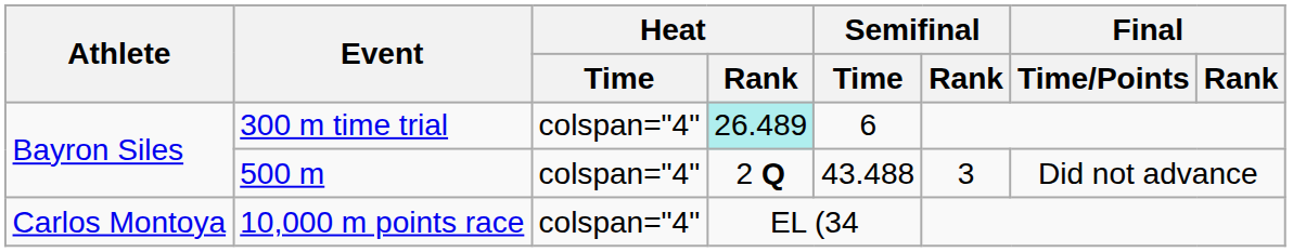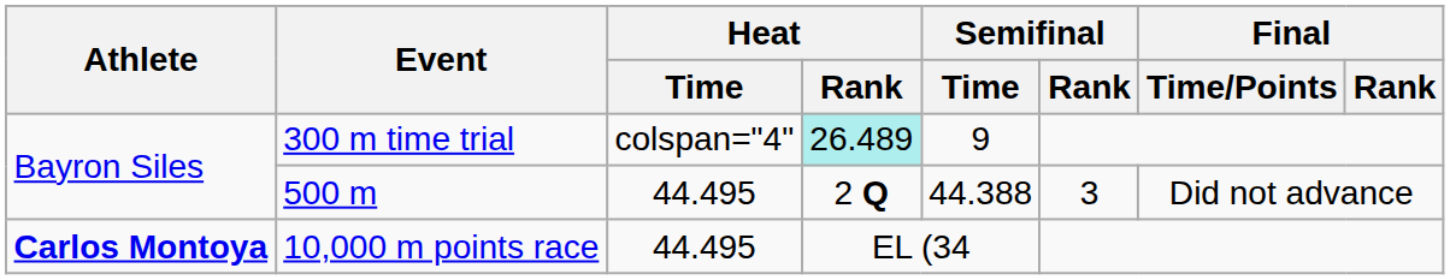 <table class="wikitable" border="1" style="font-size:90%">
 <tr>
 <th rowspan=2>Athlete</th>
 <th rowspan=2>Event</th>
 <th colspan=2>Heat</th>
 <th colspan=2>Semifinal</th>
 <th colspan=2>Final</th>
 </tr>
 <tr>
 <th>Time</th>
 <th>Rank</th>
 <th>Time</th>
 <th>Rank</th>
 <th>Time/Points</th>
 <th>Rank</th>
 </tr>
 <tr align=center>
 <td rowspan="2" align=left><a href='#'>Bayron Siles</a></td>
 <td align=left><a href='#'>300 m time trial</a></td>
 <td>colspan="4" </td>
 <td style="background: paleturquoise;">26.489</td>
-<td>6</td>
+<td>9</td>
 </tr>
 <tr align=center>
 <td align=left><a href='#'>500 m</a></td>
-<td>colspan="4" </td>
+<td>44.495</td>
 <td>2 <strong>Q</strong></td>
-<td>43.488</td>
+<td>44.388</td>
 <td>3</td>
 <td colspan="2">Did not advance</td>
 </tr>
 <tr align=center>
-<td align=left><a href='#'>Carlos Montoya</a></td>
+<td align=left><strong><a href='#'>Carlos Montoya</a></strong></td>
 <td align=left><a href='#'>10,000 m points race</a></td>
-<td>colspan="4" </td>
+<td>44.495</td>
 <td colspan="2">EL (34</td>
 </tr>
 </table>
